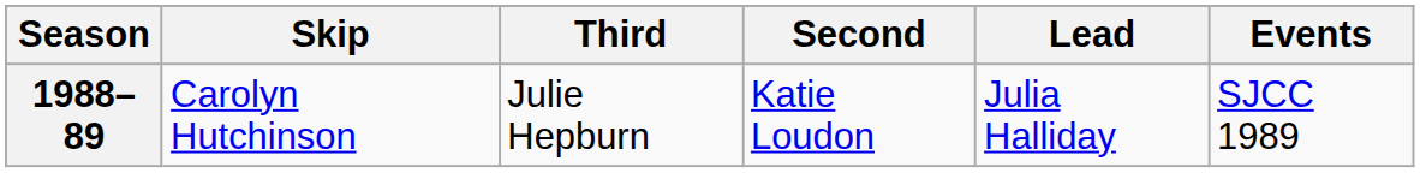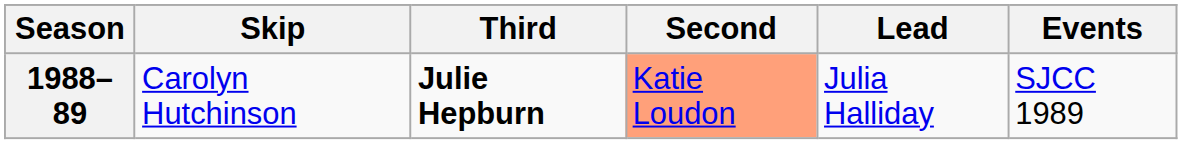 <table class="wikitable">
 <tr>
 <th scope="col" width=60>Season</th>
 <th scope="col">Skip</th>
 <th scope="col">Third</th>
 <th scope="col">Second</th>
 <th scope="col">Lead</th>
 <th scope="col">Events</th>
 </tr>
 <tr>
 <th scope="row" rowspan=2>1988–89</th>
 <td><a href='#'>Carolyn Hutchinson</a></td>
-<td>Julie Hepburn</td>
-<td><a href='#'>Katie Loudon</a></td>
+<td><strong>Julie Hepburn</strong></td>
+<td style="background: lightsalmon;"><a href='#'>Katie Loudon</a></td>
 <td><a href='#'>Julia Halliday</a></td>
 <td><a href='#'>SJCC</a> 1989 <br> </td>
 </tr>
 </table>
